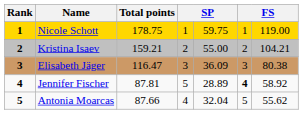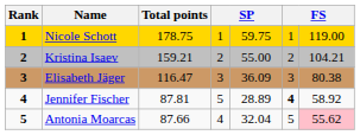 <table class="wikitable sortable">
 <tr>
 <th>Rank</th>
 <th>Name</th>
 <th>Total points</th>
 <th colspan="2" width="80px"><a href='#'>SP</a></th>
 <th colspan="2" width="80px"><a href='#'>FS</a></th>
 </tr>
 <tr bgcolor="gold">
 <td align="center"><strong>1</strong></td>
 <td><a href='#'>Nicole Schott</a></td>
 <td align="center">178.75</td>
 <td align="center">1</td>
 <td align="center">59.75</td>
 <td align="center">1</td>
 <td align="center">119.00</td>
 </tr>
 <tr bgcolor="silver">
 <td align="center"><strong>2</strong></td>
 <td><a href='#'>Kristina Isaev</a></td>
 <td align="center">159.21</td>
 <td align="center">2</td>
 <td align="center">55.00</td>
 <td align="center">2</td>
 <td align="center">104.21</td>
 </tr>
 <tr bgcolor="cc9966">
 <td align="center"><strong>3</strong></td>
 <td><a href='#'>Elisabeth Jäger</a></td>
 <td align="center">116.47</td>
 <td align="center">3</td>
 <td align="center">36.09</td>
 <td align="center">3</td>
 <td align="center">80.38</td>
 </tr>
 <tr>
 <td align="center"><strong>4</strong></td>
 <td><a href='#'>Jennifer Fischer</a></td>
 <td align="center">87.81</td>
 <td align="center">5</td>
 <td align="center">28.89</td>
 <td align="center"><strong>4</strong></td>
 <td align="center">58.92</td>
 </tr>
 <tr>
 <td align="center"><strong>5</strong></td>
 <td><a href='#'>Antonia Moarcas</a></td>
 <td align="center">87.66</td>
 <td align="center">4</td>
 <td align="center">32.04</td>
 <td align="center">5</td>
-<td align="center">55.62</td>
+<td align="center" style="background: pink;">55.62</td>
 </tr>
 </table>
